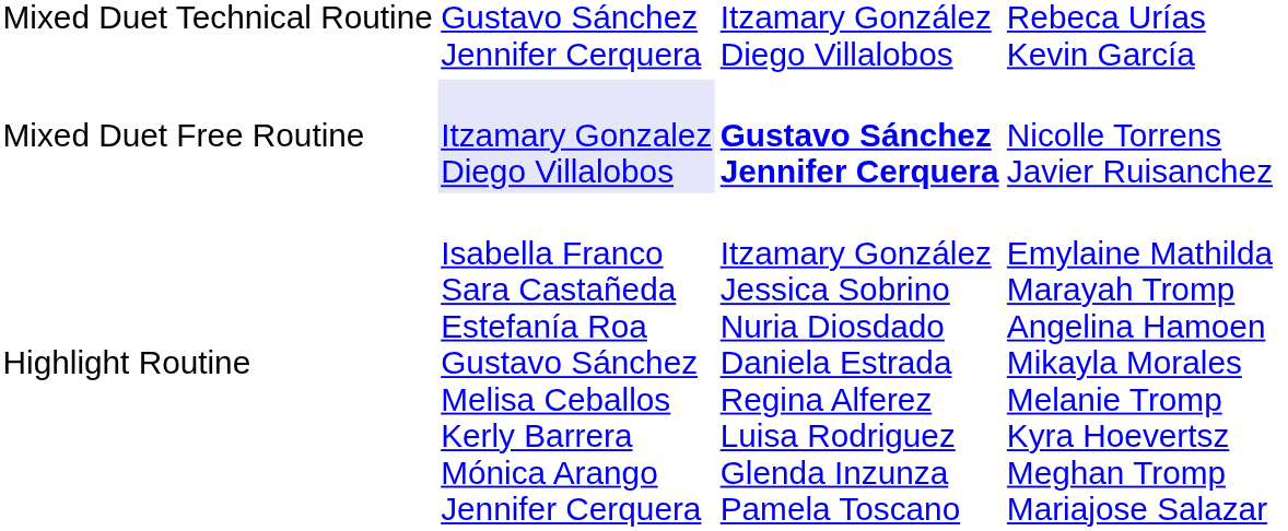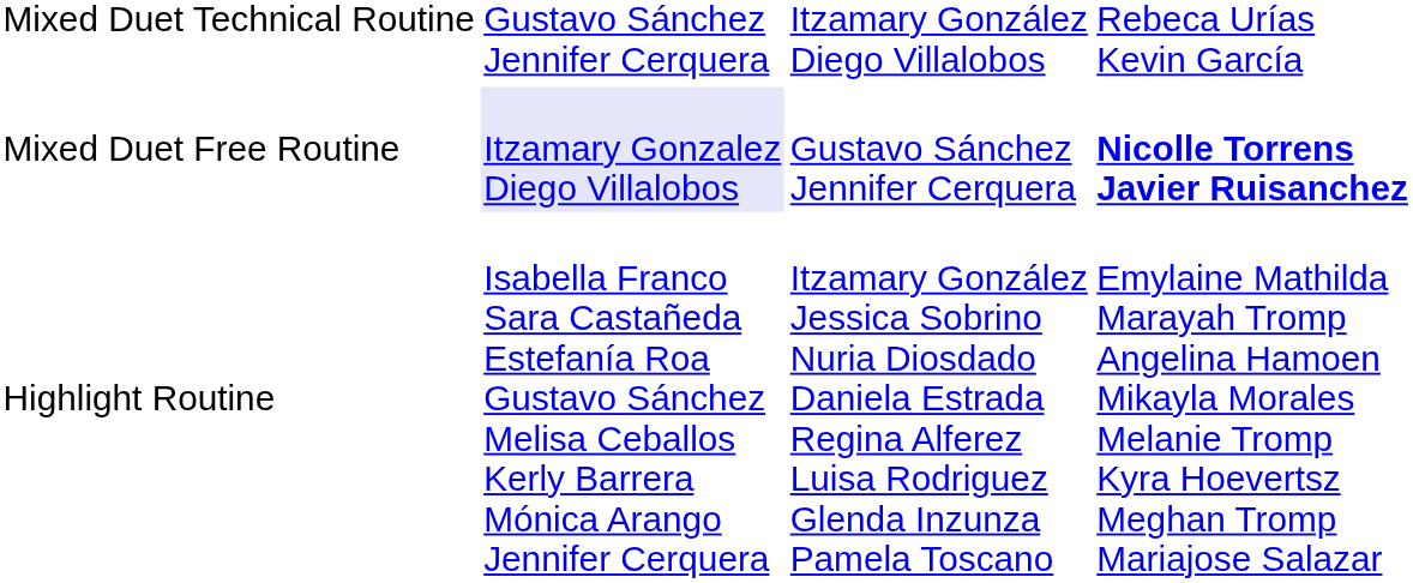 <table>
 <tr>
 <td>Mixed Duet Technical Routine</td>
 <td><br><a href='#'>Gustavo Sánchez</a><br><a href='#'>Jennifer Cerquera</a></td>
 <td><br><a href='#'>Itzamary González</a><br><a href='#'>Diego Villalobos</a></td>
 <td><br><a href='#'>Rebeca Urías</a><br><a href='#'>Kevin García</a></td>
 </tr>
 <tr>
 <td>Mixed Duet Free Routine</td>
 <td style="background: lavender;"><br><a href='#'>Itzamary Gonzalez</a><br><a href='#'>Diego Villalobos</a></td>
-<td><strong><br><a href='#'>Gustavo Sánchez</a><br><a href='#'>Jennifer Cerquera</a></strong></td>
-<td><br><a href='#'>Nicolle Torrens</a><br><a href='#'>Javier Ruisanchez</a></td>
+<td><br><a href='#'>Gustavo Sánchez</a><br><a href='#'>Jennifer Cerquera</a></td>
+<td><strong><br><a href='#'>Nicolle Torrens</a><br><a href='#'>Javier Ruisanchez</a></strong></td>
 </tr>
 <tr>
 <td>Highlight Routine</td>
 <td><br><a href='#'>Isabella Franco</a><br><a href='#'>Sara Castañeda</a><br><a href='#'>Estefanía Roa</a><br><a href='#'>Gustavo Sánchez</a><br><a href='#'>Melisa Ceballos</a><br><a href='#'>Kerly Barrera</a><br><a href='#'>Mónica Arango</a><br><a href='#'>Jennifer Cerquera</a></td>
 <td><br><a href='#'>Itzamary González</a><br><a href='#'>Jessica Sobrino</a><br><a href='#'>Nuria Diosdado</a><br><a href='#'>Daniela Estrada</a><br><a href='#'>Regina Alferez</a><br><a href='#'>Luisa Rodriguez</a><br><a href='#'>Glenda Inzunza</a><br><a href='#'>Pamela Toscano</a></td>
 <td><br><a href='#'>Emylaine Mathilda</a><br><a href='#'>Marayah Tromp</a><br><a href='#'>Angelina Hamoen</a><br><a href='#'>Mikayla Morales</a><br><a href='#'>Melanie Tromp</a><br><a href='#'>Kyra Hoevertsz</a><br><a href='#'>Meghan Tromp</a><br><a href='#'>Mariajose Salazar</a></td>
 </tr>
 </table>
